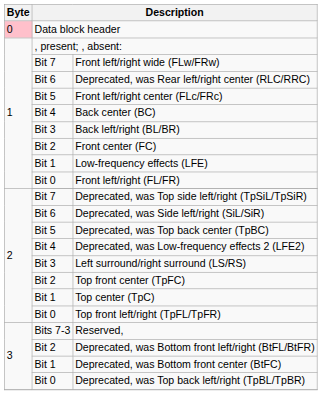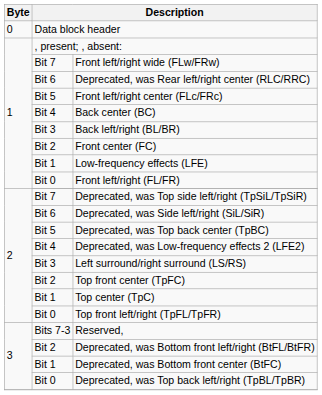 <table class="wikitable">
 <tr>
 <th>Byte</th>
 <th colspan=2>Description</th>
 </tr>
 <tr>
-<td style="background: pink;">0</td>
+<td>0</td>
 <td colspan=2>Data block header</td>
 </tr>
 <tr>
 <td rowspan=9>1</td>
 <td colspan=2>, present; , absent:</td>
 </tr>
 <tr>
 <td>Bit 7</td>
 <td>Front left/right wide (FLw/FRw)</td>
 </tr>
 <tr>
 <td>Bit 6</td>
 <td>Deprecated, was Rear left/right center (RLC/RRC)</td>
 </tr>
 <tr>
 <td>Bit 5</td>
 <td>Front left/right center (FLc/FRc)</td>
 </tr>
 <tr>
 <td>Bit 4</td>
 <td>Back center (BC)</td>
 </tr>
 <tr>
 <td>Bit 3</td>
 <td>Back left/right (BL/BR)</td>
 </tr>
 <tr>
 <td>Bit 2</td>
 <td>Front center (FC)</td>
 </tr>
 <tr>
 <td>Bit 1</td>
 <td>Low-frequency effects (LFE)</td>
 </tr>
 <tr>
 <td>Bit 0</td>
 <td>Front left/right (FL/FR)</td>
 </tr>
 <tr>
 <td rowspan=9>2</td>
 </tr>
 <tr>
 <td>Bit 7</td>
 <td>Deprecated, was Top side left/right (TpSiL/TpSiR)</td>
 </tr>
 <tr>
 <td>Bit 6</td>
 <td>Deprecated, was Side left/right (SiL/SiR)</td>
 </tr>
 <tr>
 <td>Bit 5</td>
 <td>Deprecated, was Top back center (TpBC)</td>
 </tr>
 <tr>
 <td>Bit 4</td>
 <td>Deprecated, was Low-frequency effects 2 (LFE2)</td>
 </tr>
 <tr>
 <td>Bit 3</td>
 <td>Left surround/right surround (LS/RS)</td>
 </tr>
 <tr>
 <td>Bit 2</td>
 <td>Top front center (TpFC)</td>
 </tr>
 <tr>
 <td>Bit 1</td>
 <td>Top center (TpC)</td>
 </tr>
 <tr>
 <td>Bit 0</td>
 <td>Top front left/right (TpFL/TpFR)</td>
 </tr>
 <tr>
 <td rowspan=4>3</td>
 <td>Bits 7-3</td>
 <td>Reserved, </td>
 </tr>
 <tr>
 <td>Bit 2</td>
 <td>Deprecated, was Bottom front left/right (BtFL/BtFR)</td>
 </tr>
 <tr>
 <td>Bit 1</td>
 <td>Deprecated, was Bottom front center (BtFC)</td>
 </tr>
 <tr>
 <td>Bit 0</td>
 <td>Deprecated, was Top back left/right (TpBL/TpBR)</td>
 </tr>
 <tr>
 </tr>
 </table>
